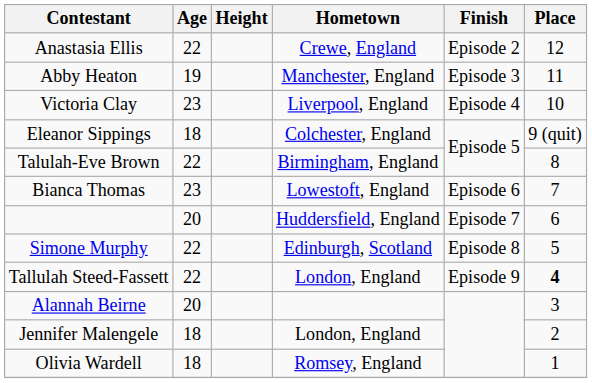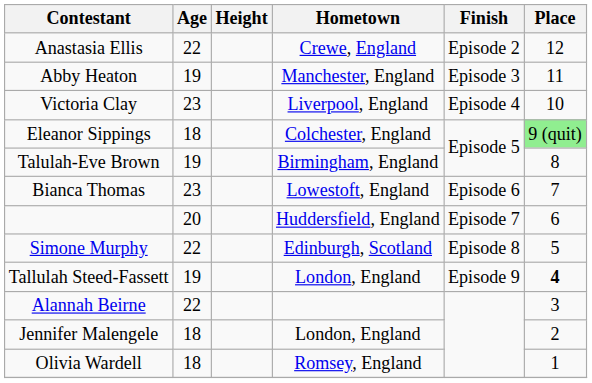 <table class="wikitable sortable" style="text-align:center;">
 <tr>
 <th>Contestant</th>
 <th>Age</th>
 <th>Height</th>
 <th>Hometown</th>
 <th>Finish</th>
 <th>Place</th>
 </tr>
 <tr>
 <td>Anastasia Ellis</td>
 <td>22</td>
 <td></td>
 <td><a href='#'>Crewe</a>, <a href='#'>England</a></td>
 <td>Episode 2</td>
 <td>12</td>
 </tr>
 <tr>
 <td>Abby Heaton</td>
 <td>19</td>
 <td></td>
 <td><a href='#'>Manchester</a>, England</td>
 <td>Episode 3</td>
 <td>11</td>
 </tr>
 <tr>
 <td>Victoria Clay</td>
 <td>23</td>
 <td></td>
 <td><a href='#'>Liverpool</a>, England</td>
 <td>Episode 4</td>
 <td>10</td>
 </tr>
 <tr>
 <td>Eleanor Sippings</td>
 <td>18</td>
 <td></td>
 <td><a href='#'>Colchester</a>, England</td>
 <td rowspan="2">Episode 5</td>
-<td>9 (quit)</td>
+<td style="background: lightgreen;">9 (quit)</td>
 </tr>
 <tr>
 <td>Talulah-Eve Brown</td>
-<td>22</td>
+<td>19</td>
 <td></td>
 <td><a href='#'>Birmingham</a>, England</td>
 <td>8</td>
 </tr>
 <tr>
 <td>Bianca Thomas</td>
 <td>23</td>
 <td></td>
 <td><a href='#'>Lowestoft</a>, England</td>
 <td>Episode 6</td>
 <td>7</td>
 </tr>
 <tr>
 <td></td>
 <td>20</td>
 <td></td>
 <td><a href='#'>Huddersfield</a>, England</td>
 <td>Episode 7</td>
 <td>6</td>
 </tr>
 <tr>
 <td><a href='#'>Simone Murphy</a></td>
 <td>22</td>
 <td></td>
 <td><a href='#'>Edinburgh</a>, <a href='#'>Scotland</a></td>
 <td>Episode 8</td>
 <td>5</td>
 </tr>
 <tr>
 <td>Tallulah Steed-Fassett</td>
-<td>22</td>
+<td>19</td>
 <td></td>
 <td><a href='#'>London</a>, England</td>
 <td>Episode 9</td>
 <td><strong>4</strong></td>
 </tr>
 <tr>
 <td><a href='#'>Alannah Beirne</a></td>
-<td>20</td>
+<td>22</td>
 <td></td>
 <td></td>
 <td rowspan="3"></td>
 <td>3</td>
 </tr>
 <tr>
 <td>Jennifer Malengele</td>
 <td>18</td>
 <td></td>
 <td>London, England</td>
 <td>2</td>
 </tr>
 <tr>
 <td>Olivia Wardell</td>
 <td>18</td>
 <td></td>
 <td><a href='#'>Romsey</a>, England</td>
 <td>1</td>
 </tr>
 <tr>
 </tr>
 </table>
